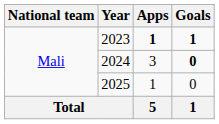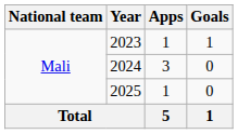 <table class=wikitable style=text-align:center>
 <tr>
 <th>National team</th>
 <th>Year</th>
 <th>Apps</th>
 <th>Goals</th>
 </tr>
 <tr>
 <td rowspan="3"><a href='#'>Mali</a></td>
 <td>2023</td>
-<td><strong>1</strong></td>
-<td><strong>1</strong></td>
+<td>1</td>
+<td>1</td>
 </tr>
 <tr>
 <td>2024</td>
 <td>3</td>
-<td><strong>0</strong></td>
+<td>0</td>
 </tr>
 <tr>
 <td>2025</td>
 <td>1</td>
 <td>0</td>
 </tr>
 <tr>
 <th colspan="2">Total</th>
 <th>5</th>
 <th>1</th>
 </tr>
 </table>
